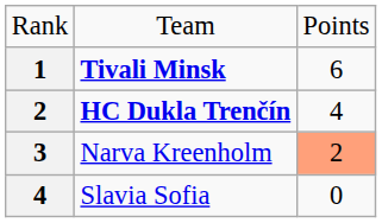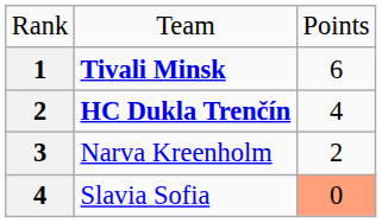 <table class="wikitable" style="text-align: center;">
 <tr>
 <td>Rank</td>
 <td>Team</td>
 <td>Points</td>
 </tr>
 <tr>
 <th>1</th>
 <td style="text-align: left;"> <strong><a href='#'>Tivali Minsk</a></strong></td>
 <td>6</td>
 </tr>
 <tr>
 <th>2</th>
 <td style="text-align: left;"> <strong><a href='#'>HC Dukla Trenčín</a></strong></td>
 <td>4</td>
 </tr>
 <tr>
 <th>3</th>
 <td style="text-align: left;"> <a href='#'>Narva Kreenholm</a></td>
-<td style="background: lightsalmon;">2</td>
+<td>2</td>
 </tr>
 <tr>
 <th>4</th>
 <td style="text-align: left;"> <a href='#'>Slavia Sofia</a></td>
-<td>0</td>
+<td style="background: lightsalmon;">0</td>
 </tr>
 </table>
